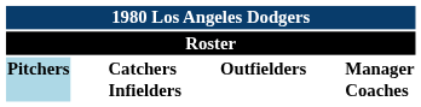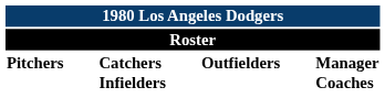 <table class="toccolours" style="font-size: 95%;">
 <tr>
 <th colspan="10" style="background-color: #083c6b; color: white; text-align: center;">1980 Los Angeles Dodgers</th>
 </tr>
 <tr>
 <td colspan="10" style="background-color: black; color: white; text-align: center;"><strong>Roster</strong></td>
 </tr>
 <tr>
-<td valign="top" style="background: lightblue;"><strong>Pitchers</strong><br>              </td>
+<td valign="top"><strong>Pitchers</strong><br>              </td>
 <td width="25px"></td>
 <td valign="top"><strong>Catchers</strong><br>   <strong>Infielders</strong>        </td>
 <td width="25px"></td>
 <td valign="top"><strong>Outfielders</strong><br>          </td>
 <td width="25px"></td>
 <td valign="top"><strong>Manager</strong><br> <strong>Coaches</strong>     </td>
 </tr>
 </table>
